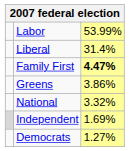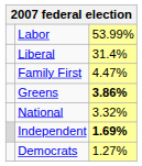 <table class="wikitable" style="float:right; margin-left:1em">
 <tr>
 <th colspan = 3>2007 federal election</th>
 </tr>
 <tr>
 <td> </td>
 <td><a href='#'>Labor</a></td>
 <td bgcolor="FFFF99">53.99%</td>
 </tr>
 <tr>
 <td> </td>
 <td><a href='#'>Liberal</a></td>
 <td bgcolor="FFFF99">31.4%</td>
 </tr>
 <tr>
 <td> </td>
 <td><a href='#'>Family First</a></td>
-<td bgcolor="FFFF99"><strong>4.47%</strong></td>
+<td bgcolor="FFFF99">4.47%</td>
 </tr>
 <tr>
 <td> </td>
 <td><a href='#'>Greens</a></td>
-<td bgcolor="FFFF99">3.86%</td>
+<td bgcolor="FFFF99"><strong>3.86%</strong></td>
 </tr>
 <tr>
 <td> </td>
 <td><a href='#'>National</a></td>
 <td bgcolor="FFFF99">3.32%</td>
 </tr>
 <tr>
 <td bgcolor="#D8D8D8"> </td>
 <td><a href='#'>Independent</a></td>
-<td bgcolor="FFFF99">1.69%</td>
+<td bgcolor="FFFF99"><strong>1.69%</strong></td>
 </tr>
 <tr>
 <td> </td>
 <td><a href='#'>Democrats</a></td>
 <td bgcolor="FFFF99">1.27%</td>
 </tr>
 </table>
